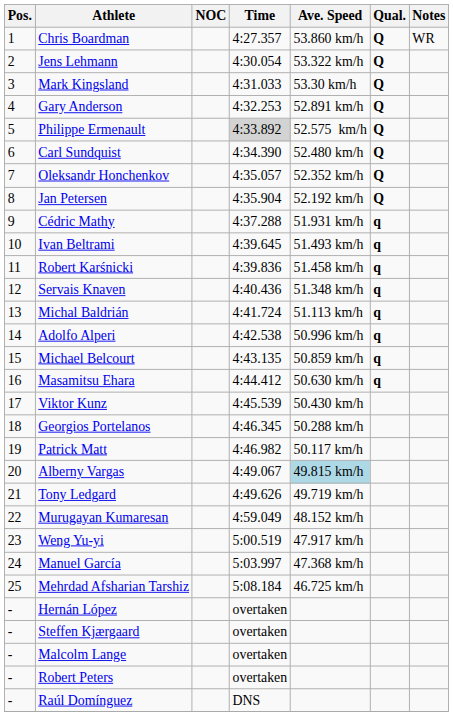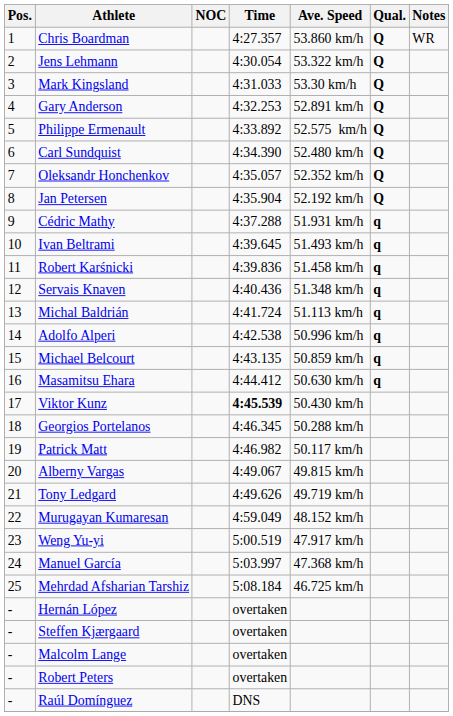 <table class="wikitable" style="font-size:95%;">
 <tr>
 <th>Pos.</th>
 <th>Athlete</th>
 <th>NOC</th>
 <th>Time</th>
 <th>Ave. Speed</th>
 <th>Qual.</th>
 <th>Notes</th>
 </tr>
 <tr>
 <td>1</td>
 <td><a href='#'>Chris Boardman</a></td>
 <td></td>
 <td>4:27.357</td>
 <td>53.860 km/h</td>
 <td><strong>Q</strong></td>
 <td>WR</td>
 </tr>
 <tr>
 <td>2</td>
 <td><a href='#'>Jens Lehmann</a></td>
 <td></td>
 <td>4:30.054</td>
 <td>53.322 km/h</td>
 <td><strong>Q</strong></td>
 <td></td>
 </tr>
 <tr>
 <td>3</td>
 <td><a href='#'>Mark Kingsland</a></td>
 <td></td>
 <td>4:31.033</td>
 <td>53.30 km/h</td>
 <td><strong>Q</strong></td>
 <td></td>
 </tr>
 <tr>
 <td>4</td>
 <td><a href='#'>Gary Anderson</a></td>
 <td></td>
 <td>4:32.253</td>
 <td>52.891 km/h</td>
 <td><strong>Q</strong></td>
 <td></td>
 </tr>
 <tr>
 <td>5</td>
 <td><a href='#'>Philippe Ermenault</a></td>
 <td></td>
-<td style="background: lightgrey;">4:33.892</td>
+<td>4:33.892</td>
 <td>52.575  km/h</td>
 <td><strong>Q</strong></td>
 <td></td>
 </tr>
 <tr>
 <td>6</td>
 <td><a href='#'>Carl Sundquist</a></td>
 <td></td>
 <td>4:34.390</td>
 <td>52.480 km/h</td>
 <td><strong>Q</strong></td>
 <td></td>
 </tr>
 <tr>
 <td>7</td>
 <td><a href='#'>Oleksandr Honchenkov</a></td>
 <td></td>
 <td>4:35.057</td>
 <td>52.352 km/h</td>
 <td><strong>Q</strong></td>
 <td></td>
 </tr>
 <tr>
 <td>8</td>
 <td><a href='#'>Jan Petersen</a></td>
 <td></td>
 <td>4:35.904</td>
 <td>52.192 km/h</td>
 <td><strong>Q</strong></td>
 <td></td>
 </tr>
 <tr>
 <td>9</td>
 <td><a href='#'>Cédric Mathy</a></td>
 <td></td>
 <td>4:37.288</td>
 <td>51.931 km/h</td>
 <td><strong>q</strong></td>
 <td></td>
 </tr>
 <tr>
 <td>10</td>
 <td><a href='#'>Ivan Beltrami</a></td>
 <td></td>
 <td>4:39.645</td>
 <td>51.493 km/h</td>
 <td><strong>q</strong></td>
 <td></td>
 </tr>
 <tr>
 <td>11</td>
 <td><a href='#'>Robert Karśnicki</a></td>
 <td></td>
 <td>4:39.836</td>
 <td>51.458 km/h</td>
 <td><strong>q</strong></td>
 <td></td>
 </tr>
 <tr>
 <td>12</td>
 <td><a href='#'>Servais Knaven</a></td>
 <td></td>
 <td>4:40.436</td>
 <td>51.348 km/h</td>
 <td><strong>q</strong></td>
 <td></td>
 </tr>
 <tr>
 <td>13</td>
 <td><a href='#'>Michal Baldrián</a></td>
 <td></td>
 <td>4:41.724</td>
 <td>51.113 km/h</td>
 <td><strong>q</strong></td>
 <td></td>
 </tr>
 <tr>
 <td>14</td>
 <td><a href='#'>Adolfo Alperi</a></td>
 <td></td>
 <td>4:42.538</td>
 <td>50.996 km/h</td>
 <td><strong>q</strong></td>
 <td></td>
 </tr>
 <tr>
 <td>15</td>
 <td><a href='#'>Michael Belcourt</a></td>
 <td></td>
 <td>4:43.135</td>
 <td>50.859 km/h</td>
 <td><strong>q</strong></td>
 <td></td>
 </tr>
 <tr>
 <td>16</td>
 <td><a href='#'>Masamitsu Ehara</a></td>
 <td></td>
 <td>4:44.412</td>
 <td>50.630 km/h</td>
 <td><strong>q</strong></td>
 <td></td>
 </tr>
 <tr>
 <td>17</td>
 <td><a href='#'>Viktor Kunz</a></td>
 <td></td>
-<td>4:45.539</td>
+<td><strong>4:45.539</strong></td>
 <td>50.430 km/h</td>
 <td></td>
 <td></td>
 </tr>
 <tr>
 <td>18</td>
 <td><a href='#'>Georgios Portelanos</a></td>
 <td></td>
 <td>4:46.345</td>
 <td>50.288 km/h</td>
 <td></td>
 <td></td>
 </tr>
 <tr>
 <td>19</td>
 <td><a href='#'>Patrick Matt</a></td>
 <td></td>
 <td>4:46.982</td>
 <td>50.117 km/h</td>
 <td></td>
 <td></td>
 </tr>
 <tr>
 <td>20</td>
 <td><a href='#'>Alberny Vargas</a></td>
 <td></td>
 <td>4:49.067</td>
-<td style="background: lightblue;">49.815 km/h</td>
+<td>49.815 km/h</td>
 <td></td>
 <td></td>
 </tr>
 <tr>
 <td>21</td>
 <td><a href='#'>Tony Ledgard</a></td>
 <td></td>
 <td>4:49.626</td>
 <td>49.719 km/h</td>
 <td></td>
 <td></td>
 </tr>
 <tr>
 <td>22</td>
 <td><a href='#'>Murugayan Kumaresan</a></td>
 <td></td>
 <td>4:59.049</td>
 <td>48.152 km/h</td>
 <td></td>
 <td></td>
 </tr>
 <tr>
 <td>23</td>
 <td><a href='#'>Weng Yu-yi</a></td>
 <td></td>
 <td>5:00.519</td>
 <td>47.917 km/h</td>
 <td></td>
 <td></td>
 </tr>
 <tr>
 <td>24</td>
 <td><a href='#'>Manuel García</a></td>
 <td></td>
 <td>5:03.997</td>
 <td>47.368 km/h</td>
 <td></td>
 <td></td>
 </tr>
 <tr>
 <td>25</td>
 <td><a href='#'>Mehrdad Afsharian Tarshiz</a></td>
 <td></td>
 <td>5:08.184</td>
 <td>46.725 km/h</td>
 <td></td>
 <td></td>
 </tr>
 <tr>
 <td>-</td>
 <td><a href='#'>Hernán López</a></td>
 <td></td>
 <td>overtaken</td>
 <td></td>
 <td></td>
 <td></td>
 </tr>
 <tr>
 <td>-</td>
 <td><a href='#'>Steffen Kjærgaard</a></td>
 <td></td>
 <td>overtaken</td>
 <td></td>
 <td></td>
 <td></td>
 </tr>
 <tr>
 <td>-</td>
 <td><a href='#'>Malcolm Lange</a></td>
 <td></td>
 <td>overtaken</td>
 <td></td>
 <td></td>
 <td></td>
 </tr>
 <tr>
 <td>-</td>
 <td><a href='#'>Robert Peters</a></td>
 <td></td>
 <td>overtaken</td>
 <td></td>
 <td></td>
 <td></td>
 </tr>
 <tr>
 <td>-</td>
 <td><a href='#'>Raúl Domínguez</a></td>
 <td></td>
 <td>DNS</td>
 <td></td>
 <td></td>
 <td></td>
 </tr>
 <tr>
 </tr>
 </table>
